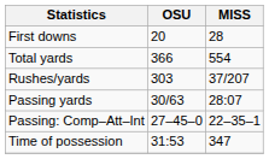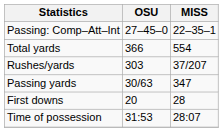 <table class="wikitable" style="float: left;">
 <tr>
 <th>Statistics</th>
 <th>OSU</th>
 <th>MISS</th>
 </tr>
 <tr>
-<td>First downs</td>
-<td>20</td>
-<td>28</td>
+<td>Passing: Comp–Att–Int</td>
+<td>27–45–0</td>
+<td>22–35–1</td>
 </tr>
 <tr>
 <td>Total yards</td>
 <td>366</td>
 <td>554</td>
 </tr>
 <tr>
 <td>Rushes/yards</td>
 <td>303</td>
 <td>37/207</td>
 </tr>
 <tr>
 <td>Passing yards</td>
 <td>30/63</td>
-<td>28:07</td>
+<td>347</td>
 </tr>
 <tr>
-<td>Passing: Comp–Att–Int</td>
-<td>27–45–0</td>
-<td>22–35–1</td>
+<td>First downs</td>
+<td>20</td>
+<td>28</td>
 </tr>
 <tr>
 <td>Time of possession</td>
 <td>31:53</td>
-<td>347</td>
+<td>28:07</td>
 </tr>
 <tr>
 </tr>
 </table>
